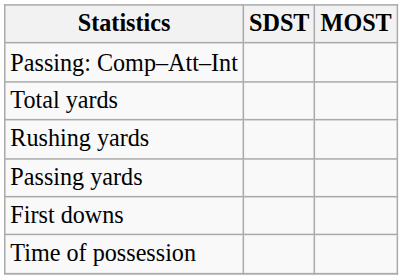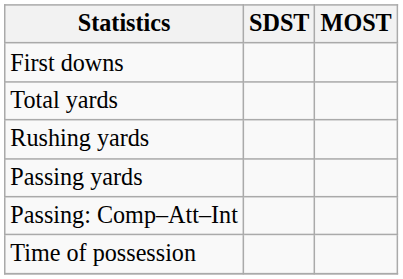 <table class="wikitable" style="float: left;">
 <tr>
 <th>Statistics</th>
 <th>SDST</th>
 <th>MOST</th>
 </tr>
 <tr>
-<td>Passing: Comp–Att–Int</td>
+<td>First downs</td>
 <td></td>
 <td></td>
 </tr>
 <tr>
 <td>Total yards</td>
 <td></td>
 <td></td>
 </tr>
 <tr>
 <td>Rushing yards</td>
 <td></td>
 <td></td>
 </tr>
 <tr>
 <td>Passing yards</td>
 <td></td>
 <td></td>
 </tr>
 <tr>
-<td>First downs</td>
+<td>Passing: Comp–Att–Int</td>
 <td></td>
 <td></td>
 </tr>
 <tr>
 <td>Time of possession</td>
 <td></td>
 <td></td>
 </tr>
 <tr>
 </tr>
 </table>
